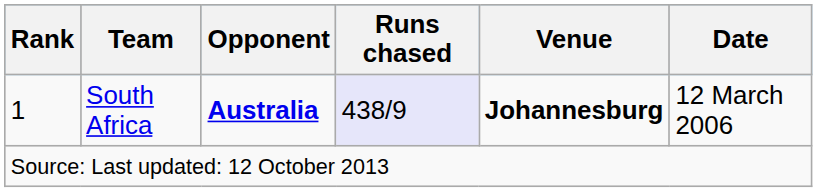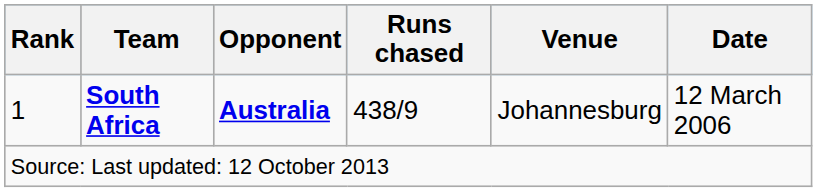 <table class="wikitable" width=80%>
 <tr bgcolor=#87cefa>
 <th>Rank</th>
 <th>Team</th>
 <th>Opponent</th>
 <th>Runs chased</th>
 <th>Venue</th>
 <th>Date</th>
 </tr>
 <tr>
 <td>1</td>
-<td> <a href='#'>South Africa</a></td>
+<td><strong> <a href='#'>South Africa</a></strong></td>
 <td><strong> <a href='#'>Australia</a></strong></td>
-<td style="background: lavender;">438/9</td>
-<td><strong>Johannesburg</strong></td>
+<td>438/9</td>
+<td>Johannesburg</td>
 <td>12 March 2006</td>
 </tr>
 <tr>
 <td colspan="6"><small>Source:   Last updated: 12 October 2013</small></td>
 </tr>
 </table>
